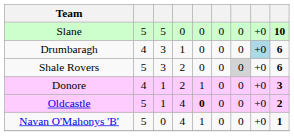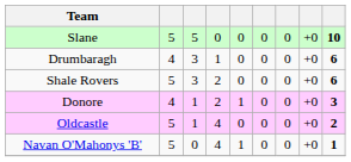 <table class="wikitable" style="text-align:center">
 <tr>
 <th width="175">Team</th>
 <th width="20"></th>
 <th width="20"></th>
 <th width="20"></th>
 <th width="20"></th>
 <th width="20"></th>
 <th width="20"></th>
 <th width="20"></th>
 <th width="20"></th>
 </tr>
 <tr style="background:#cfc;">
 <td>Slane</td>
 <td>5</td>
 <td>5</td>
 <td>0</td>
 <td>0</td>
 <td>0</td>
 <td>0</td>
 <td>+0</td>
 <td><strong>10</strong></td>
 </tr>
 <tr>
 <td>Drumbaragh</td>
 <td>4</td>
 <td>3</td>
 <td>1</td>
 <td>0</td>
 <td>0</td>
 <td>0</td>
-<td style="background: lightblue;">+0</td>
+<td>+0</td>
 <td><strong>6</strong></td>
 </tr>
 <tr>
 <td>Shale Rovers</td>
 <td>5</td>
 <td>3</td>
 <td>2</td>
 <td>0</td>
 <td>0</td>
-<td style="background: lightgrey;">0</td>
+<td>0</td>
 <td>+0</td>
 <td><strong>6</strong></td>
 </tr>
 <tr style="background:#fcf;">
 <td>Donore</td>
 <td>4</td>
 <td>1</td>
 <td>2</td>
 <td>1</td>
 <td>0</td>
 <td>0</td>
 <td>+0</td>
 <td><strong>3</strong></td>
 </tr>
 <tr style="background:#fcf;">
 <td><a href='#'>Oldcastle</a></td>
 <td>5</td>
 <td>1</td>
 <td>4</td>
-<td><strong>0</strong></td>
+<td>0</td>
 <td>0</td>
 <td>0</td>
 <td>+0</td>
 <td><strong>2</strong></td>
 </tr>
 <tr>
 <td><a href='#'>Navan O'Mahonys 'B'</a></td>
 <td>5</td>
 <td>0</td>
 <td>4</td>
 <td>1</td>
 <td>0</td>
 <td>0</td>
 <td>+0</td>
 <td><strong>1</strong></td>
 </tr>
 <tr>
 </tr>
 </table>
